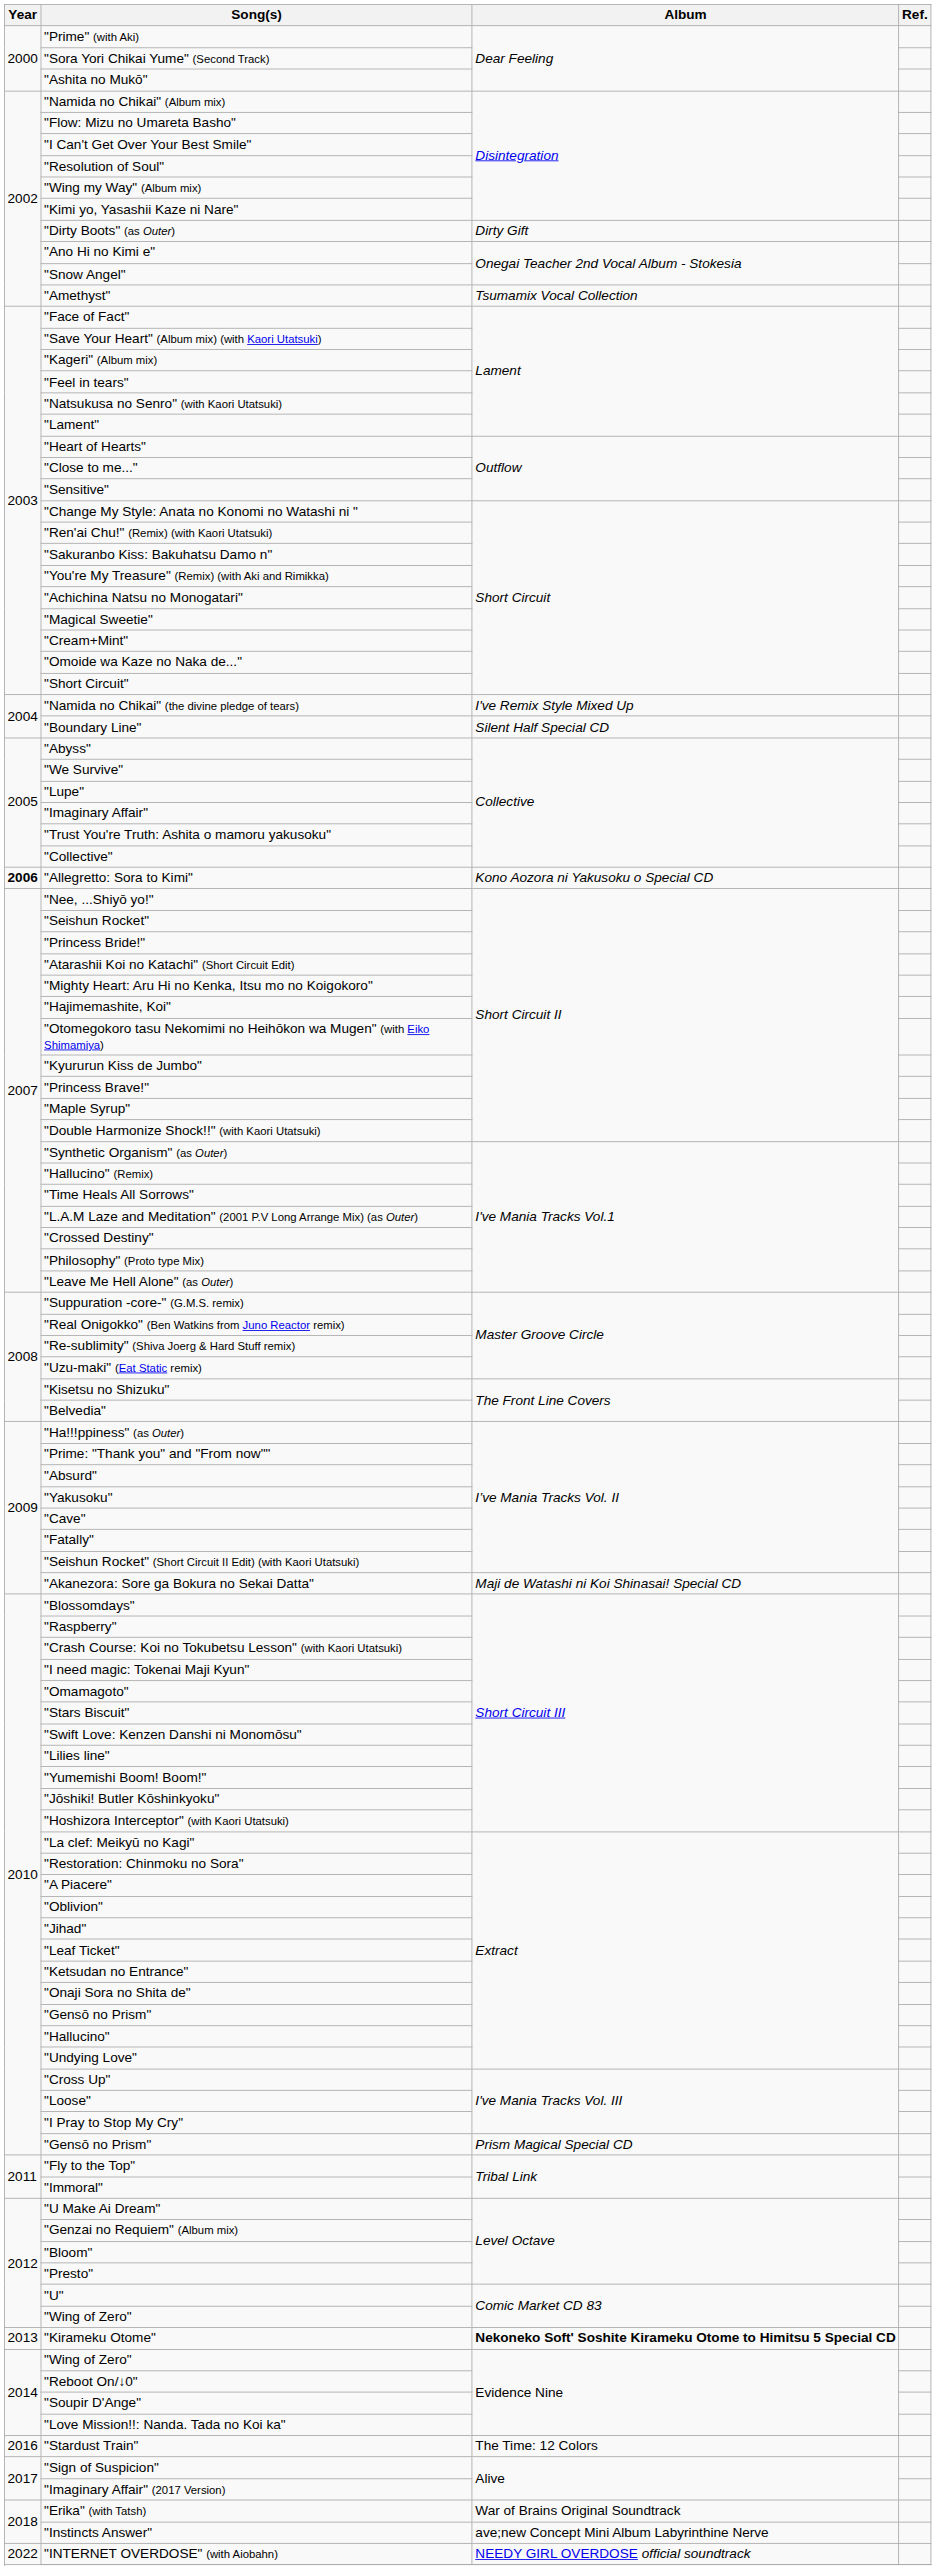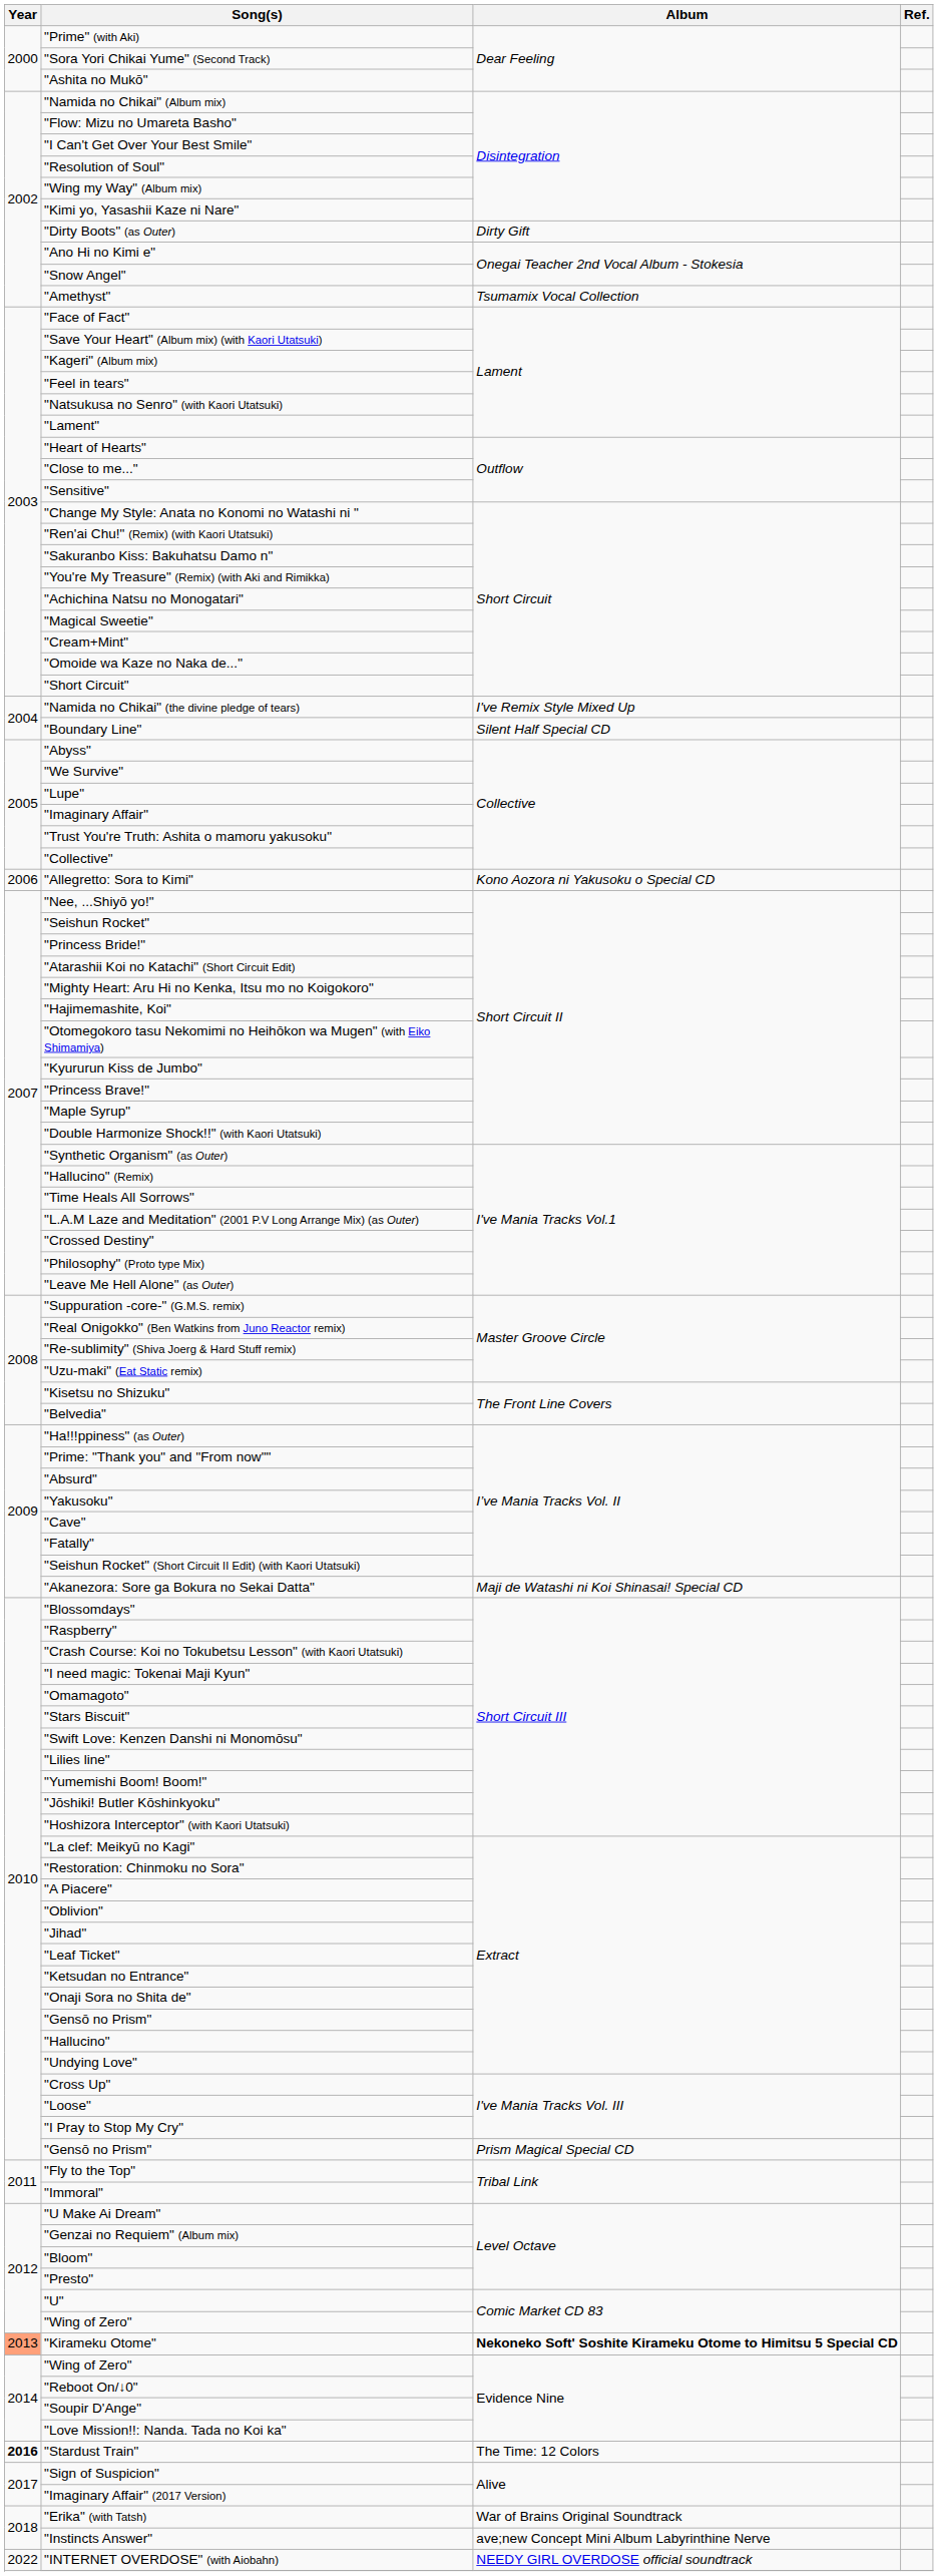 <table class="wikitable" border="1">
 <tr>
 <th rowspan="1">Year</th>
 <th rowspan="1" width="500">Song(s)</th>
 <th rowspan="1">Album</th>
 <th rowspan="1">Ref.</th>
 </tr>
 <tr>
 <td rowspan="3">2000</td>
 <td>"Prime" <small>(with Aki)</small></td>
 <td rowspan="3"><em>Dear Feeling</em></td>
 <td></td>
 </tr>
 <tr>
 <td>"Sora Yori Chikai Yume" <small>(Second Track)</small></td>
 <td></td>
 </tr>
 <tr>
 <td>"Ashita no Mukō"</td>
 <td></td>
 </tr>
 <tr>
 <td rowspan="10">2002</td>
 <td>"Namida no Chikai" <small>(Album mix)</small></td>
 <td rowspan="6"><em><a href='#'>Disintegration</a></em></td>
 <td></td>
 </tr>
 <tr>
 <td>"Flow: Mizu no Umareta Basho"</td>
 <td></td>
 </tr>
 <tr>
 <td>"I Can't Get Over Your Best Smile"</td>
 <td></td>
 </tr>
 <tr>
 <td>"Resolution of Soul"</td>
 <td></td>
 </tr>
 <tr>
 <td>"Wing my Way" <small>(Album mix)</small></td>
 <td></td>
 </tr>
 <tr>
 <td>"Kimi yo, Yasashii Kaze ni Nare"</td>
 <td></td>
 </tr>
 <tr>
 <td>"Dirty Boots" <small>(as <em>Outer</em>)</small></td>
 <td rowspan="1"><em>Dirty Gift</em></td>
 <td></td>
 </tr>
 <tr>
 <td>"Ano Hi no Kimi e"</td>
 <td rowspan="2"><em>Onegai Teacher 2nd Vocal Album - Stokesia</em></td>
 <td></td>
 </tr>
 <tr>
 <td>"Snow Angel"</td>
 <td></td>
 </tr>
 <tr>
 <td>"Amethyst"</td>
 <td rowspan="1"><em>Tsumamix Vocal Collection</em></td>
 <td></td>
 </tr>
 <tr>
 <td rowspan="18">2003</td>
 <td>"Face of Fact"</td>
 <td rowspan="6"><em>Lament</em></td>
 <td></td>
 </tr>
 <tr>
 <td>"Save Your Heart" <small>(Album mix) (with <a href='#'>Kaori Utatsuki</a>)</small></td>
 <td></td>
 </tr>
 <tr>
 <td>"Kageri" <small>(Album mix)</small></td>
 <td></td>
 </tr>
 <tr>
 <td>"Feel in tears"</td>
 <td></td>
 </tr>
 <tr>
 <td>"Natsukusa no Senro" <small>(with Kaori Utatsuki)</small></td>
 <td></td>
 </tr>
 <tr>
 <td>"Lament"</td>
 <td></td>
 </tr>
 <tr>
 <td>"Heart of Hearts"</td>
 <td rowspan="3"><em>Outflow</em></td>
 <td></td>
 </tr>
 <tr>
 <td>"Close to me..."</td>
 <td></td>
 </tr>
 <tr>
 <td>"Sensitive"</td>
 <td></td>
 </tr>
 <tr>
 <td>"Change My Style: Anata no Konomi no Watashi ni "</td>
 <td rowspan="9"><em>Short Circuit</em></td>
 <td></td>
 </tr>
 <tr>
 <td>"Ren'ai Chu!" <small>(Remix) (with Kaori Utatsuki)</small></td>
 <td></td>
 </tr>
 <tr>
 <td>"Sakuranbo Kiss: Bakuhatsu Damo n"</td>
 <td></td>
 </tr>
 <tr>
 <td>"You're My Treasure" <small>(Remix) (with Aki and Rimikka)</small></td>
 <td></td>
 </tr>
 <tr>
 <td>"Achichina Natsu no Monogatari"</td>
 <td></td>
 </tr>
 <tr>
 <td>"Magical Sweetie"</td>
 <td></td>
 </tr>
 <tr>
 <td>"Cream+Mint"</td>
 <td></td>
 </tr>
 <tr>
 <td>"Omoide wa Kaze no Naka de..."</td>
 <td></td>
 </tr>
 <tr>
 <td>"Short Circuit"</td>
 <td></td>
 </tr>
 <tr>
 <td rowspan="2">2004</td>
 <td>"Namida no Chikai" <small>(the divine pledge of tears)</small></td>
 <td rowspan="1"><em>I've Remix Style Mixed Up</em></td>
 <td></td>
 </tr>
 <tr>
 <td>"Boundary Line"</td>
 <td rowspan="1"><em>Silent Half Special CD</em></td>
 <td></td>
 </tr>
 <tr>
 <td rowspan="6">2005</td>
 <td>"Abyss"</td>
 <td rowspan="6"><em>Collective</em></td>
 <td></td>
 </tr>
 <tr>
 <td>"We Survive"</td>
 <td></td>
 </tr>
 <tr>
 <td>"Lupe"</td>
 <td></td>
 </tr>
 <tr>
 <td>"Imaginary Affair"</td>
 <td></td>
 </tr>
 <tr>
 <td>"Trust You're Truth: Ashita o mamoru yakusoku"</td>
 <td></td>
 </tr>
 <tr>
 <td>"Collective"</td>
 <td></td>
 </tr>
 <tr>
-<td rowspan="1"><strong>2006</strong></td>
+<td rowspan="1">2006</td>
 <td>"Allegretto: Sora to Kimi"</td>
 <td rowspan="1"><em>Kono Aozora ni Yakusoku o Special CD</em></td>
 <td></td>
 </tr>
 <tr>
 <td rowspan="18">2007</td>
 <td>"Nee, ...Shiyō yo!"</td>
 <td rowspan="11"><em>Short Circuit II</em></td>
 <td></td>
 </tr>
 <tr>
 <td>"Seishun Rocket"</td>
 <td></td>
 </tr>
 <tr>
 <td>"Princess Bride!"</td>
 <td></td>
 </tr>
 <tr>
 <td>"Atarashii Koi no Katachi" <small>(Short Circuit Edit)</small></td>
 <td></td>
 </tr>
 <tr>
 <td>"Mighty Heart: Aru Hi no Kenka, Itsu mo no Koigokoro"</td>
 <td></td>
 </tr>
 <tr>
 <td>"Hajimemashite, Koi"</td>
 <td></td>
 </tr>
 <tr>
 <td>"Otomegokoro tasu Nekomimi no Heihōkon wa Mugen" <small>(with <a href='#'>Eiko Shimamiya</a>)</small></td>
 <td></td>
 </tr>
 <tr>
 <td>"Kyururun Kiss de Jumbo"</td>
 <td></td>
 </tr>
 <tr>
 <td>"Princess Brave!"</td>
 <td></td>
 </tr>
 <tr>
 <td>"Maple Syrup"</td>
 <td></td>
 </tr>
 <tr>
 <td>"Double Harmonize Shock!!" <small>(with Kaori Utatsuki)</small></td>
 <td></td>
 </tr>
 <tr>
 <td>"Synthetic Organism" <small>(as <em>Outer</em>)</small></td>
 <td rowspan="7"><em>I've Mania Tracks Vol.1</em></td>
 <td></td>
 </tr>
 <tr>
 <td>"Hallucino" <small>(Remix)</small></td>
 <td></td>
 </tr>
 <tr>
 <td>"Time Heals All Sorrows"</td>
 <td></td>
 </tr>
 <tr>
 <td>"L.A.M Laze and Meditation" <small>(2001 P.V Long Arrange Mix) (as <em>Outer</em>)</small></td>
 <td></td>
 </tr>
 <tr>
 <td>"Crossed Destiny"</td>
 <td></td>
 </tr>
 <tr>
 <td>"Philosophy" <small>(Proto type Mix)</small></td>
 <td></td>
 </tr>
 <tr>
 <td>"Leave Me Hell Alone" <small>(as <em>Outer</em>)</small></td>
 <td></td>
 </tr>
 <tr>
 <td rowspan="6">2008</td>
 <td>"Suppuration -core-" <small>(G.M.S. remix)</small></td>
 <td rowspan="4"><em>Master Groove Circle</em></td>
 <td></td>
 </tr>
 <tr>
 <td>"Real Onigokko" <small>(Ben Watkins from <a href='#'>Juno Reactor</a> remix)</small></td>
 <td></td>
 </tr>
 <tr>
 <td>"Re-sublimity" <small>(Shiva Joerg & Hard Stuff remix)</small></td>
 <td></td>
 </tr>
 <tr>
 <td>"Uzu-maki" <small>(<a href='#'>Eat Static</a> remix)</small></td>
 <td></td>
 </tr>
 <tr>
 <td>"Kisetsu no Shizuku"</td>
 <td rowspan="2"><em>The Front Line Covers</em></td>
 <td></td>
 </tr>
 <tr>
 <td>"Belvedia"</td>
 <td></td>
 </tr>
 <tr>
 <td rowspan="8">2009</td>
 <td>"Ha!!!ppiness" <small>(as <em>Outer</em>)</small></td>
 <td rowspan="7"><em>I’ve Mania Tracks Vol. II</em></td>
 <td></td>
 </tr>
 <tr>
 <td>"Prime: "Thank you" and "From now""</td>
 <td></td>
 </tr>
 <tr>
 <td>"Absurd"</td>
 <td></td>
 </tr>
 <tr>
 <td>"Yakusoku"</td>
 <td></td>
 </tr>
 <tr>
 <td>"Cave"</td>
 <td></td>
 </tr>
 <tr>
 <td>"Fatally"</td>
 <td></td>
 </tr>
 <tr>
 <td>"Seishun Rocket" <small>(Short Circuit II Edit) (with Kaori Utatsuki)</small></td>
 <td></td>
 </tr>
 <tr>
 <td>"Akanezora: Sore ga Bokura no Sekai Datta"</td>
 <td rowspan="1"><em>Maji de Watashi ni Koi Shinasai! Special CD</em></td>
 <td></td>
 </tr>
 <tr>
 <td rowspan="26">2010</td>
 <td>"Blossomdays"</td>
 <td rowspan="11"><em><a href='#'>Short Circuit III</a></em></td>
 <td></td>
 </tr>
 <tr>
 <td>"Raspberry"</td>
 <td></td>
 </tr>
 <tr>
 <td>"Crash Course: Koi no Tokubetsu Lesson" <small>(with Kaori Utatsuki)</small></td>
 <td></td>
 </tr>
 <tr>
 <td>"I need magic: Tokenai Maji Kyun"</td>
 <td></td>
 </tr>
 <tr>
 <td>"Omamagoto"</td>
 <td></td>
 </tr>
 <tr>
 <td>"Stars Biscuit"</td>
 <td></td>
 </tr>
 <tr>
 <td>"Swift Love: Kenzen Danshi ni Monomōsu"</td>
 <td></td>
 </tr>
 <tr>
 <td>"Lilies line"</td>
 <td></td>
 </tr>
 <tr>
 <td>"Yumemishi Boom! Boom!"</td>
 <td></td>
 </tr>
 <tr>
 <td>"Jōshiki! Butler Kōshinkyoku"</td>
 <td></td>
 </tr>
 <tr>
 <td>"Hoshizora Interceptor" <small>(with Kaori Utatsuki)</small></td>
 <td></td>
 </tr>
 <tr>
 <td>"La clef: Meikyū no Kagi"</td>
 <td rowspan="11"><em>Extract</em></td>
 <td></td>
 </tr>
 <tr>
 <td>"Restoration: Chinmoku no Sora"</td>
 <td></td>
 </tr>
 <tr>
 <td>"A Piacere"</td>
 <td></td>
 </tr>
 <tr>
 <td>"Oblivion"</td>
 <td></td>
 </tr>
 <tr>
 <td>"Jihad"</td>
 <td></td>
 </tr>
 <tr>
 <td>"Leaf Ticket"</td>
 <td></td>
 </tr>
 <tr>
 <td>"Ketsudan no Entrance"</td>
 <td></td>
 </tr>
 <tr>
 <td>"Onaji Sora no Shita de"</td>
 <td></td>
 </tr>
 <tr>
 <td>"Gensō no Prism"</td>
 <td></td>
 </tr>
 <tr>
 <td>"Hallucino"</td>
 <td></td>
 </tr>
 <tr>
 <td>"Undying Love"</td>
 <td></td>
 </tr>
 <tr>
 <td>"Cross Up"</td>
 <td rowspan="3"><em>I've Mania Tracks Vol. III</em></td>
 <td></td>
 </tr>
 <tr>
 <td>"Loose"</td>
 <td></td>
 </tr>
 <tr>
 <td>"I Pray to Stop My Cry"</td>
 <td></td>
 </tr>
 <tr>
 <td>"Gensō no Prism"</td>
 <td><em>Prism Magical Special CD</em></td>
 <td></td>
 </tr>
 <tr>
 <td rowspan="2">2011</td>
 <td>"Fly to the Top"</td>
 <td rowspan="2"><em>Tribal Link</em></td>
 <td></td>
 </tr>
 <tr>
 <td>"Immoral"</td>
 <td></td>
 </tr>
 <tr>
 <td rowspan="6">2012</td>
 <td>"U Make Ai Dream"</td>
 <td rowspan="4"><em>Level Octave</em></td>
 <td></td>
 </tr>
 <tr>
 <td>"Genzai no Requiem" <small>(Album mix)</small></td>
 <td></td>
 </tr>
 <tr>
 <td>"Bloom"</td>
 <td></td>
 </tr>
 <tr>
 <td>"Presto"</td>
 <td></td>
 </tr>
 <tr>
 <td>"U"</td>
 <td rowspan="2"><em>Comic Market CD 83</em></td>
 <td></td>
 </tr>
 <tr>
 <td>"Wing of Zero"</td>
 <td></td>
 </tr>
 <tr>
-<td rowspan="1">2013</td>
+<td rowspan="1" style="background: lightsalmon;">2013</td>
 <td>"Kirameku Otome"</td>
 <td rowspan="1"><strong>Nekoneko Soft' Soshite Kirameku Otome to Himitsu 5 Special CD<em></td>
 <td></td>
 </tr>
 <tr>
 <td rowspan="4">2014</td>
 <td>"Wing of Zero"</td>
 <td rowspan="4"></em>Evidence Nine<em></td>
 <td></td>
 </tr>
 <tr>
 <td>"Reboot On/↓0"</td>
 <td></td>
 </tr>
 <tr>
 <td>"Soupir D'Ange"</td>
 <td></td>
 </tr>
 <tr>
 <td>"Love Mission!!: Nanda. Tada no Koi ka"</td>
 <td></td>
 </tr>
 <tr>
-<td rowspan="1">2016</td>
+<td rowspan="1"><strong>2016</strong></td>
 <td>"Stardust Train"</td>
 <td rowspan="1"></em>The Time: 12 Colors<em></td>
 <td></td>
 </tr>
 <tr>
 <td rowspan="2">2017</td>
 <td>"Sign of Suspicion"</td>
 <td rowspan="2"></em>Alive<em></td>
 <td></td>
 </tr>
 <tr>
 <td>"Imaginary Affair" <small>(2017 Version)</small></td>
 <td></td>
 </tr>
 <tr>
 <td rowspan="2">2018</td>
 <td>"Erika" <small>(with Tatsh)</small></td>
 <td rowspan="1"></em>War of Brains Original Soundtrack<em></td>
 <td></td>
 </tr>
 <tr>
 <td>"Instincts Answer"</td>
 <td rowspan="1"></em>ave;new Concept Mini Album Labyrinthine Nerve<em></td>
 </tr>
 <tr>
 <td rowspan="2">2022</td>
 <td>"INTERNET OVERDOSE" <small>(with Aiobahn)</small></td>
 <td rowspan="1"></em><a href='#'>NEEDY GIRL OVERDOSE</a><em> official soundtrack</td>
 <td></td>
 </tr>
 <tr>
 </tr>
 </table>
